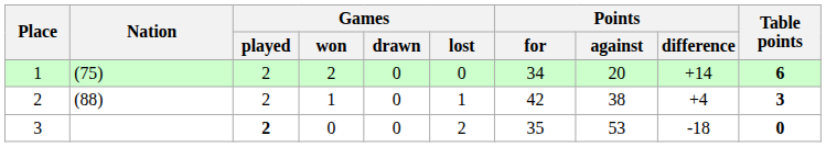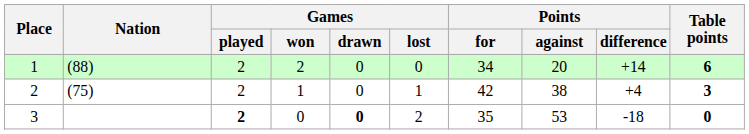 <table class="wikitable">
 <tr>
 <th rowspan="2" width="8%">Place</th>
 <th rowspan="2" width="20%">Nation</th>
 <th colspan="4" width="32%">Games</th>
 <th colspan="3" width="30%">Points</th>
 <th rowspan="2" width="10%">Table<br>points</th>
 </tr>
 <tr>
 <th width="8%">played</th>
 <th width="8%">won</th>
 <th width="8%">drawn</th>
 <th width="8%">lost</th>
 <th width="10%">for</th>
 <th width="10%">against</th>
 <th width="10%">difference</th>
 </tr>
 <tr>
 </tr>
 <tr bgcolor="#ccffcc" align="center">
 <td>1</td>
-<td align="left"> (75)</td>
+<td align="left"> (88)</td>
 <td>2</td>
 <td>2</td>
 <td>0</td>
 <td>0</td>
 <td>34</td>
 <td>20</td>
 <td>+14</td>
 <td><strong>6</strong></td>
 </tr>
 <tr bgcolor="#ffffff" align="center">
 <td>2</td>
-<td align="left"> (88)</td>
+<td align="left"> (75)</td>
 <td>2</td>
 <td>1</td>
 <td>0</td>
 <td>1</td>
 <td>42</td>
 <td>38</td>
 <td>+4</td>
 <td><strong>3</strong></td>
 </tr>
 <tr bgcolor="#ffffff" align="center">
 <td>3</td>
 <td align="left"></td>
 <td><strong>2</strong></td>
 <td>0</td>
-<td>0</td>
+<td><strong>0</strong></td>
 <td>2</td>
 <td>35</td>
 <td>53</td>
 <td>-18</td>
 <td><strong>0</strong></td>
 </tr>
 </table>
